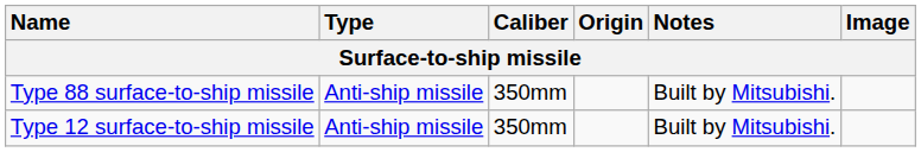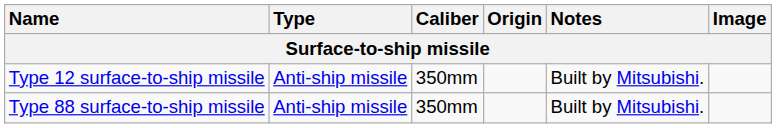 <table class="wikitable">
 <tr>
 <th style="text-align: left;">Name</th>
 <th style="text-align: left;">Type</th>
 <th>Caliber</th>
 <th style="text-align: left;">Origin</th>
 <th style="text-align: left;">Notes</th>
 <th style="text-align: left;">Image</th>
 </tr>
 <tr>
 <th colspan="6" style="align: center;">Surface-to-ship missile</th>
 </tr>
 <tr>
+<td><a href='#'>Type 12 surface-to-ship missile</a></td>
+<td><a href='#'>Anti-ship missile</a></td>
+<td>350mm</td>
+<td></td>
+<td>Built by <a href='#'>Mitsubishi</a>.</td>
+<td></td>
+</tr>
+<tr>
 <td><a href='#'>Type 88 surface-to-ship missile</a></td>
 <td><a href='#'>Anti-ship missile</a></td>
 <td>350mm</td>
 <td></td>
 <td>Built by <a href='#'>Mitsubishi</a>.</td>
 <td></td>
 </tr>
-<tr>
-<td><a href='#'>Type 12 surface-to-ship missile</a></td>
-<td><a href='#'>Anti-ship missile</a></td>
-<td>350mm</td>
-<td></td>
-<td>Built by <a href='#'>Mitsubishi</a>.</td>
-<td></td>
-</tr>
 </table>
